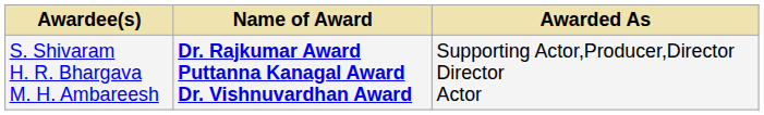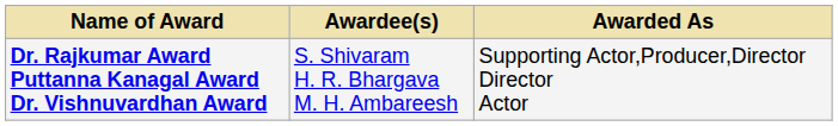 <table class="wikitable" style="width:100%;">
 <tr>
+<th style="background-color:#EFE4B0;">Name of Award</th>
 <th style="background-color:#EFE4B0;">Awardee(s)</th>
-<th style="background-color:#EFE4B0;">Name of Award</th>
 <th style="background-color:#EFE4B0;">Awarded As</th>
 </tr>
 <tr style="background-color:#F4F4F4">
+<td><strong><a href='#'>Dr. Rajkumar Award</a></strong><br><strong><a href='#'>Puttanna Kanagal Award</a></strong><br><strong><a href='#'>Dr. Vishnuvardhan Award</a></strong></td>
 <td><a href='#'>S. Shivaram</a><br><a href='#'>H. R. Bhargava</a><br><a href='#'>M. H. Ambareesh</a></td>
-<td><strong><a href='#'>Dr. Rajkumar Award</a></strong><br><strong><a href='#'>Puttanna Kanagal Award</a></strong><br><strong><a href='#'>Dr. Vishnuvardhan Award</a></strong></td>
 <td>Supporting Actor,Producer,Director<br>Director<br>Actor</td>
 </tr>
 </table>
